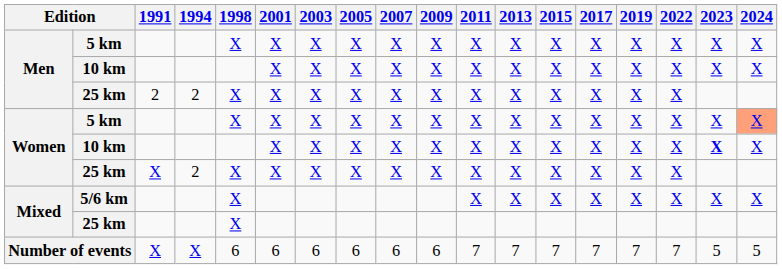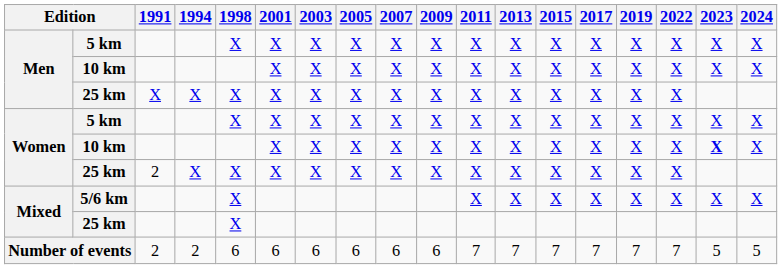 <table class="wikitable" style="text-size:95%; text-align:center">
 <tr>
 <th colspan="2">Edition</th>
 <th><a href='#'>1991</a></th>
 <th><a href='#'>1994</a></th>
 <th><a href='#'>1998</a></th>
 <th><a href='#'>2001</a></th>
 <th><a href='#'>2003</a></th>
 <th><a href='#'>2005</a></th>
 <th><a href='#'>2007</a></th>
 <th><a href='#'>2009</a></th>
 <th><a href='#'>2011</a></th>
 <th><a href='#'>2013</a></th>
 <th><a href='#'>2015</a></th>
 <th><a href='#'>2017</a></th>
 <th><a href='#'>2019</a></th>
 <th><a href='#'>2022</a></th>
 <th><a href='#'>2023</a></th>
 <th><a href='#'>2024</a></th>
 </tr>
 <tr>
 <th rowspan="3">Men</th>
 <th>5 km</th>
 <td></td>
 <td></td>
 <td><a href='#'>X</a></td>
 <td><a href='#'>X</a></td>
 <td><a href='#'>X</a></td>
 <td><a href='#'>X</a></td>
 <td><a href='#'>X</a></td>
 <td><a href='#'>X</a></td>
 <td><a href='#'>X</a></td>
 <td><a href='#'>X</a></td>
 <td><a href='#'>X</a></td>
 <td><a href='#'>X</a></td>
 <td><a href='#'>X</a></td>
 <td><a href='#'>X</a></td>
 <td><a href='#'>X</a></td>
 <td><a href='#'>X</a></td>
 </tr>
 <tr>
 <th>10 km</th>
 <td></td>
 <td></td>
 <td></td>
 <td><a href='#'>X</a></td>
 <td><a href='#'>X</a></td>
 <td><a href='#'>X</a></td>
 <td><a href='#'>X</a></td>
 <td><a href='#'>X</a></td>
 <td><a href='#'>X</a></td>
 <td><a href='#'>X</a></td>
 <td><a href='#'>X</a></td>
 <td><a href='#'>X</a></td>
 <td><a href='#'>X</a></td>
 <td><a href='#'>X</a></td>
 <td><a href='#'>X</a></td>
 <td><a href='#'>X</a></td>
 </tr>
 <tr>
 <th>25 km</th>
-<td>2</td>
-<td>2</td>
+<td><a href='#'>X</a></td>
+<td><a href='#'>X</a></td>
 <td><a href='#'>X</a></td>
 <td><a href='#'>X</a></td>
 <td><a href='#'>X</a></td>
 <td><a href='#'>X</a></td>
 <td><a href='#'>X</a></td>
 <td><a href='#'>X</a></td>
 <td><a href='#'>X</a></td>
 <td><a href='#'>X</a></td>
 <td><a href='#'>X</a></td>
 <td><a href='#'>X</a></td>
 <td><a href='#'>X</a></td>
 <td><a href='#'>X</a></td>
 <td></td>
 <td></td>
 </tr>
 <tr>
 <th rowspan="3">Women</th>
 <th>5 km</th>
 <td></td>
 <td></td>
 <td><a href='#'>X</a></td>
 <td><a href='#'>X</a></td>
 <td><a href='#'>X</a></td>
 <td><a href='#'>X</a></td>
 <td><a href='#'>X</a></td>
 <td><a href='#'>X</a></td>
 <td><a href='#'>X</a></td>
 <td><a href='#'>X</a></td>
 <td><a href='#'>X</a></td>
 <td><a href='#'>X</a></td>
 <td><a href='#'>X</a></td>
 <td><a href='#'>X</a></td>
 <td><a href='#'>X</a></td>
-<td style="background: lightsalmon;"><a href='#'>X</a></td>
+<td><a href='#'>X</a></td>
 </tr>
 <tr>
 <th>10 km</th>
 <td></td>
 <td></td>
 <td></td>
 <td><a href='#'>X</a></td>
 <td><a href='#'>X</a></td>
 <td><a href='#'>X</a></td>
 <td><a href='#'>X</a></td>
 <td><a href='#'>X</a></td>
 <td><a href='#'>X</a></td>
 <td><a href='#'>X</a></td>
 <td><a href='#'>X</a></td>
 <td><a href='#'>X</a></td>
 <td><a href='#'>X</a></td>
 <td><a href='#'>X</a></td>
 <td><strong><a href='#'>X</a></strong></td>
 <td><a href='#'>X</a></td>
 </tr>
 <tr>
 <th>25 km</th>
+<td>2</td>
 <td><a href='#'>X</a></td>
-<td>2</td>
 <td><a href='#'>X</a></td>
 <td><a href='#'>X</a></td>
 <td><a href='#'>X</a></td>
 <td><a href='#'>X</a></td>
 <td><a href='#'>X</a></td>
 <td><a href='#'>X</a></td>
 <td><a href='#'>X</a></td>
 <td><a href='#'>X</a></td>
 <td><a href='#'>X</a></td>
 <td><a href='#'>X</a></td>
 <td><a href='#'>X</a></td>
 <td><a href='#'>X</a></td>
 <td></td>
 <td></td>
 </tr>
 <tr>
 <th rowspan="2">Mixed</th>
 <th>5/6 km</th>
 <td></td>
 <td></td>
 <td><a href='#'>X</a></td>
 <td></td>
 <td></td>
 <td></td>
 <td></td>
 <td></td>
 <td><a href='#'>X</a></td>
 <td><a href='#'>X</a></td>
 <td><a href='#'>X</a></td>
 <td><a href='#'>X</a></td>
 <td><a href='#'>X</a></td>
 <td><a href='#'>X</a></td>
 <td><a href='#'>X</a></td>
 <td><a href='#'>X</a></td>
 </tr>
 <tr>
 <th>25 km</th>
 <td></td>
 <td></td>
 <td><a href='#'>X</a></td>
 <td></td>
 <td></td>
 <td></td>
 <td></td>
 <td></td>
 <td></td>
 <td></td>
 <td></td>
 <td></td>
 <td></td>
 <td></td>
 <td></td>
 <td></td>
 </tr>
 <tr>
 <th colspan="2">Number of events</th>
-<td><a href='#'>X</a></td>
-<td><a href='#'>X</a></td>
+<td>2</td>
+<td>2</td>
 <td>6</td>
 <td>6</td>
 <td>6</td>
 <td>6</td>
 <td>6</td>
 <td>6</td>
 <td>7</td>
 <td>7</td>
 <td>7</td>
 <td>7</td>
 <td>7</td>
 <td>7</td>
 <td>5</td>
 <td>5</td>
 </tr>
 </table>
